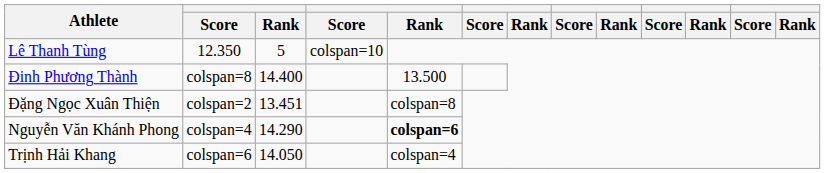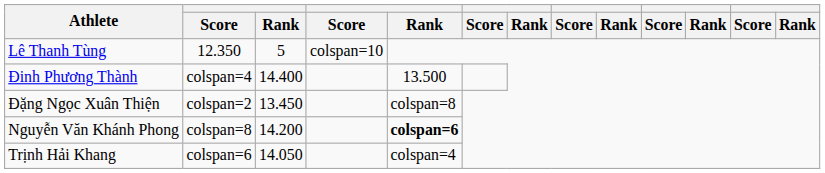 <table class="wikitable" style="font-size: 90%">
 <tr>
 <th rowspan=2>Athlete</th>
 <th colspan=2></th>
 <th colspan=2></th>
 <th colspan=2></th>
 <th colspan=2></th>
 <th colspan=2></th>
 <th colspan=2></th>
 </tr>
 <tr>
 <th>Score</th>
 <th>Rank</th>
 <th>Score</th>
 <th>Rank</th>
 <th>Score</th>
 <th>Rank</th>
 <th>Score</th>
 <th>Rank</th>
 <th>Score</th>
 <th>Rank</th>
 <th>Score</th>
 <th>Rank</th>
 </tr>
 <tr>
 <td><a href='#'>Lê Thanh Tùng</a></td>
 <td align=center>12.350</td>
 <td align=center>5</td>
 <td>colspan=10 </td>
 </tr>
 <tr>
 <td><a href='#'>Đinh Phương Thành</a></td>
-<td>colspan=8 </td>
+<td>colspan=4 </td>
 <td align=center>14.400</td>
 <td align=center></td>
 <td align=center>13.500</td>
 <td align=center></td>
 </tr>
 <tr>
 <td>Đặng Ngọc Xuân Thiện</td>
 <td>colspan=2 </td>
-<td align=center>13.451</td>
+<td align=center>13.450</td>
 <td align=center></td>
 <td>colspan=8 </td>
 </tr>
 <tr>
 <td>Nguyễn Văn Khánh Phong</td>
-<td>colspan=4 </td>
-<td align=center>14.290</td>
+<td>colspan=8 </td>
+<td align=center>14.200</td>
 <td align=center></td>
 <td><strong>colspan=6 </strong></td>
 </tr>
 <tr>
 <td>Trịnh Hải Khang</td>
 <td>colspan=6 </td>
 <td align=center>14.050</td>
 <td align=center></td>
 <td>colspan=4 </td>
 </tr>
 </table>
